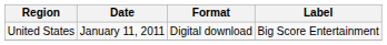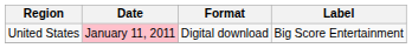 <table class="wikitable">
 <tr>
 <th>Region</th>
 <th>Date</th>
 <th>Format</th>
 <th>Label</th>
 </tr>
 <tr>
 <td>United States</td>
-<td>January 11, 2011</td>
+<td style="background: pink;">January 11, 2011</td>
 <td>Digital download</td>
 <td>Big Score Entertainment</td>
 </tr>
 <tr>
 </tr>
 </table>
